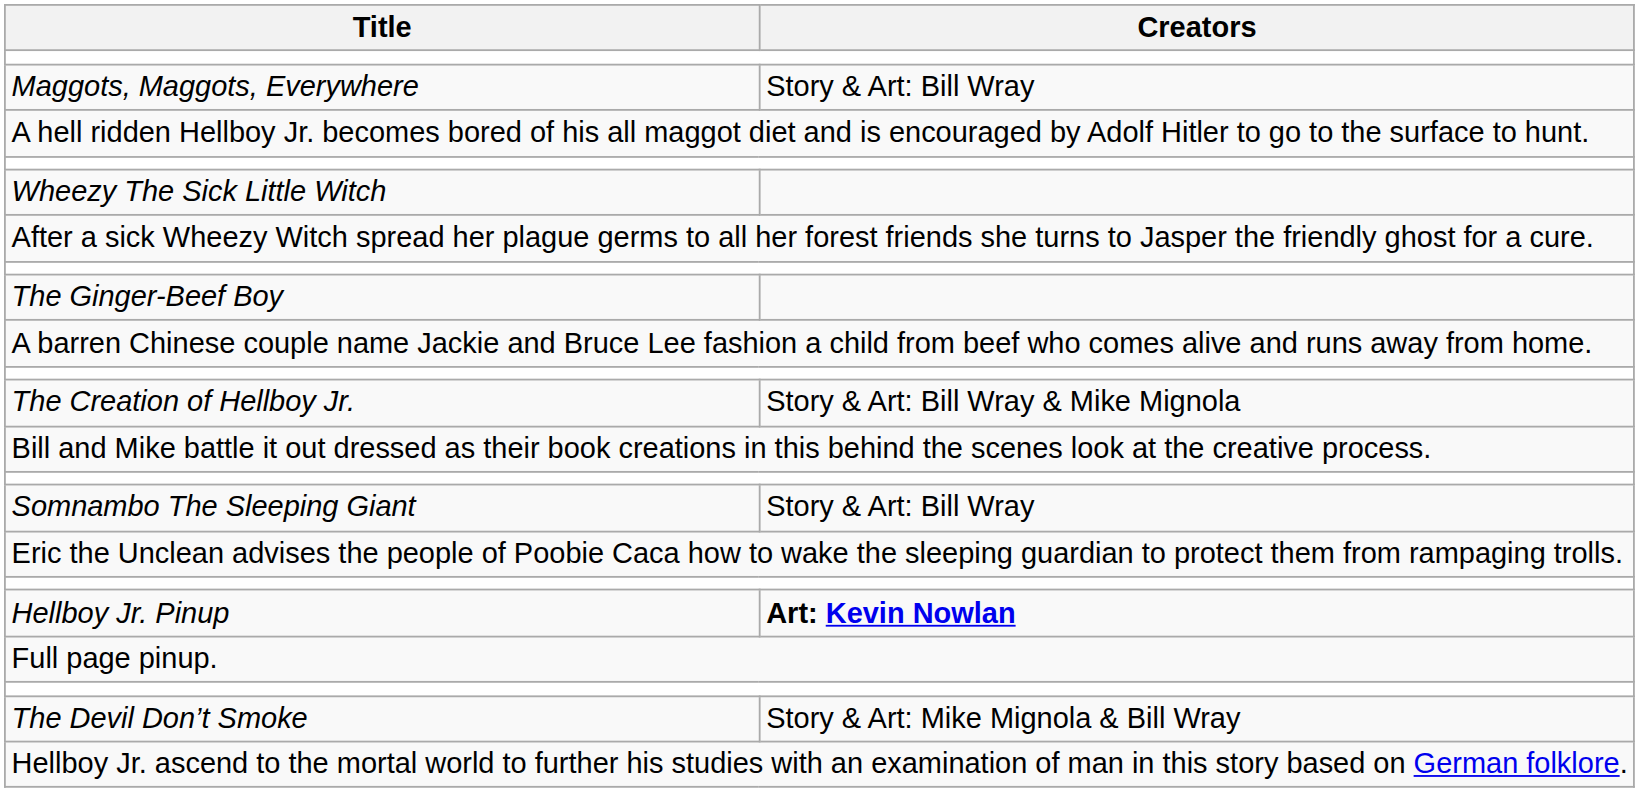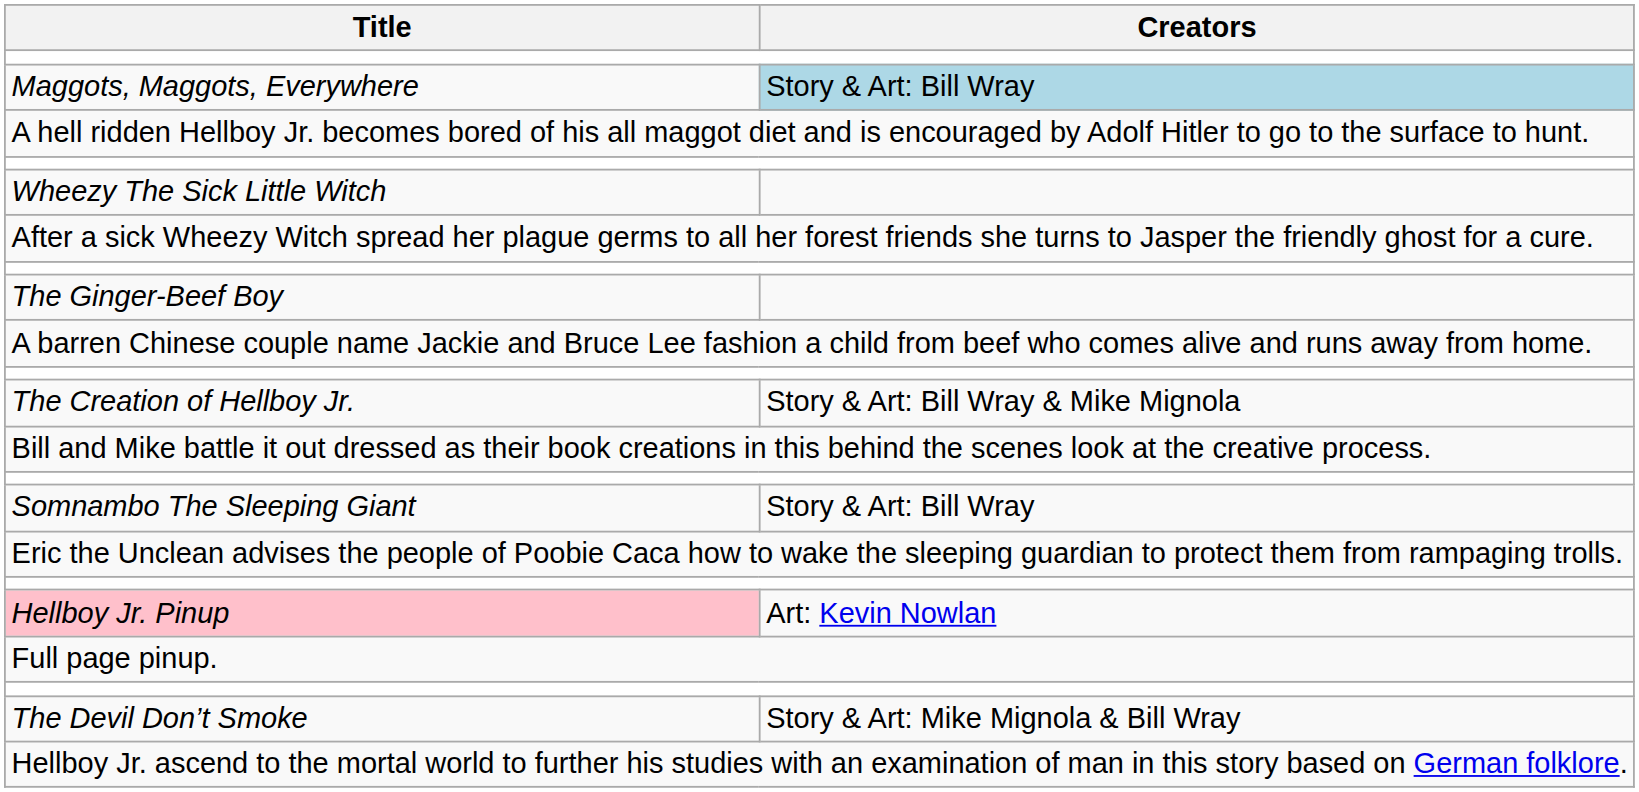 <table class="wikitable">
 <tr>
 <th>Title</th>
 <th>Creators</th>
 </tr>
 <tr>
 <td colspan="6" bgcolor="#FFFFFF"></td>
 </tr>
 <tr>
 <td><em>Maggots, Maggots, Everywhere</em></td>
-<td>Story & Art: Bill Wray</td>
+<td style="background: lightblue;">Story & Art: Bill Wray</td>
 </tr>
 <tr>
 <td colspan="6">A hell ridden Hellboy Jr. becomes bored of his all maggot diet and is encouraged by Adolf Hitler to go to the surface to hunt.</td>
 </tr>
 <tr>
 <td colspan="6" bgcolor="#FFFFFF"></td>
 </tr>
 <tr>
 <td><em>Wheezy The Sick Little Witch</em></td>
 <td></td>
 </tr>
 <tr>
 <td colspan="6">After a sick Wheezy Witch spread her plague germs to all her forest friends she turns to Jasper the friendly ghost for a cure.</td>
 </tr>
 <tr>
 <td colspan="6" bgcolor="#FFFFFF"></td>
 </tr>
 <tr>
 <td><em>The Ginger-Beef Boy</em></td>
 <td></td>
 </tr>
 <tr>
 <td colspan="6">A barren Chinese couple name Jackie and Bruce Lee fashion a child from beef who comes alive and runs away from home.</td>
 </tr>
 <tr>
 <td colspan="6" bgcolor="#FFFFFF"></td>
 </tr>
 <tr>
 <td><em>The Creation of Hellboy Jr.</em></td>
 <td>Story & Art: Bill Wray & Mike Mignola</td>
 </tr>
 <tr>
 <td colspan="6">Bill and Mike battle it out dressed as their  book creations in this behind the scenes look at the creative process.</td>
 </tr>
 <tr>
 <td colspan="6" bgcolor="#FFFFFF"></td>
 </tr>
 <tr>
 <td><em>Somnambo The Sleeping Giant</em></td>
 <td>Story & Art: Bill Wray</td>
 </tr>
 <tr>
 <td colspan="6">Eric the Unclean advises the people of Poobie Caca how to wake the sleeping guardian to protect them from rampaging trolls.</td>
 </tr>
 <tr>
 <td colspan="6" bgcolor="#FFFFFF"></td>
 </tr>
 <tr>
-<td><em>Hellboy Jr. Pinup</em></td>
-<td><strong>Art: <a href='#'>Kevin Nowlan</a></strong></td>
+<td style="background: pink;"><em>Hellboy Jr. Pinup</em></td>
+<td>Art: <a href='#'>Kevin Nowlan</a></td>
 </tr>
 <tr>
 <td colspan="6">Full page pinup.</td>
 </tr>
 <tr>
 <td colspan="6" bgcolor="#FFFFFF"></td>
 </tr>
 <tr>
 <td><em>The Devil Don’t Smoke</em></td>
 <td>Story & Art: Mike Mignola & Bill Wray</td>
 </tr>
 <tr>
 <td colspan="6">Hellboy Jr. ascend to the mortal world to further his studies with an examination of man in this story based on <a href='#'>German folklore</a>.</td>
 </tr>
 </table>
